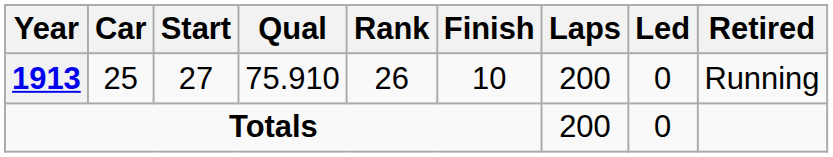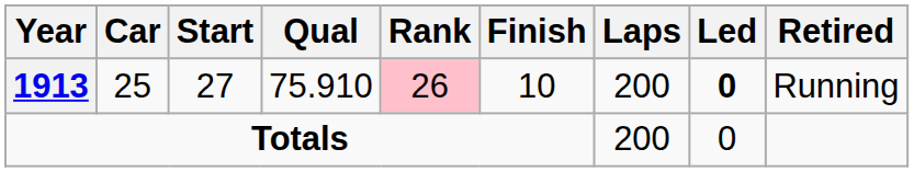 <table class="wikitable" style="text-align:center">
 <tr>
 <th>Year</th>
 <th>Car</th>
 <th>Start</th>
 <th>Qual</th>
 <th>Rank</th>
 <th>Finish</th>
 <th>Laps</th>
 <th>Led</th>
 <th>Retired</th>
 </tr>
 <tr>
 <th><a href='#'>1913</a></th>
 <td>25</td>
 <td>27</td>
 <td>75.910</td>
-<td>26</td>
+<td style="background: pink;">26</td>
 <td>10</td>
 <td>200</td>
-<td>0</td>
+<td><strong>0</strong></td>
 <td>Running</td>
 </tr>
 <tr>
 <td colspan=6><strong>Totals</strong></td>
 <td>200</td>
 <td>0</td>
 <td></td>
 </tr>
 </table>
